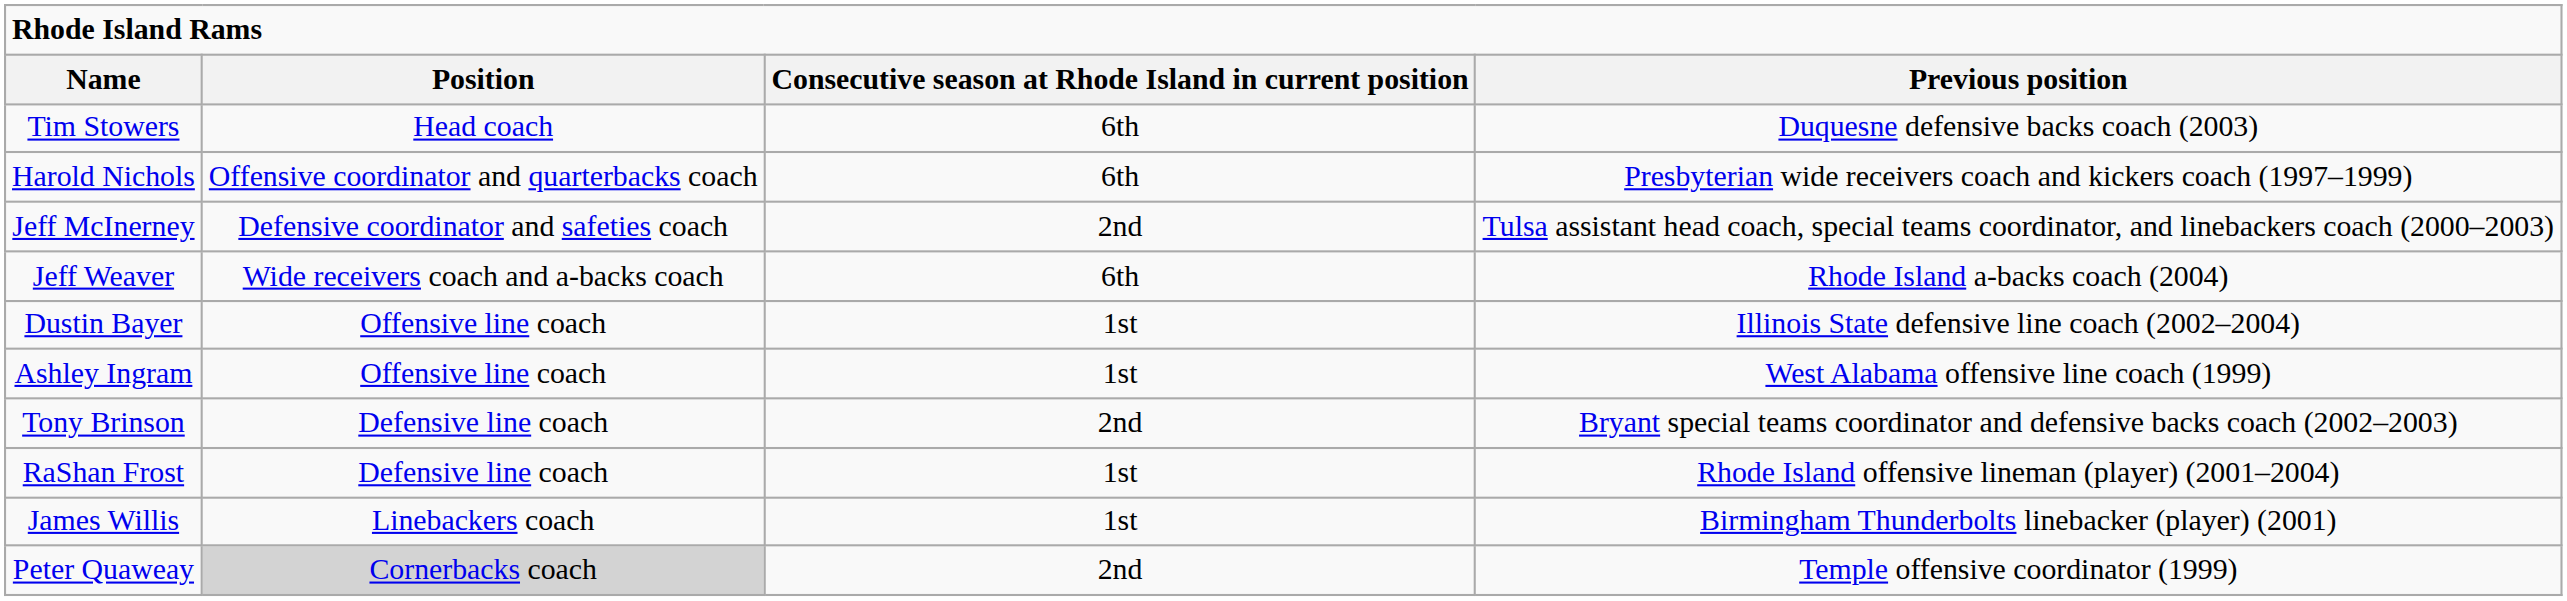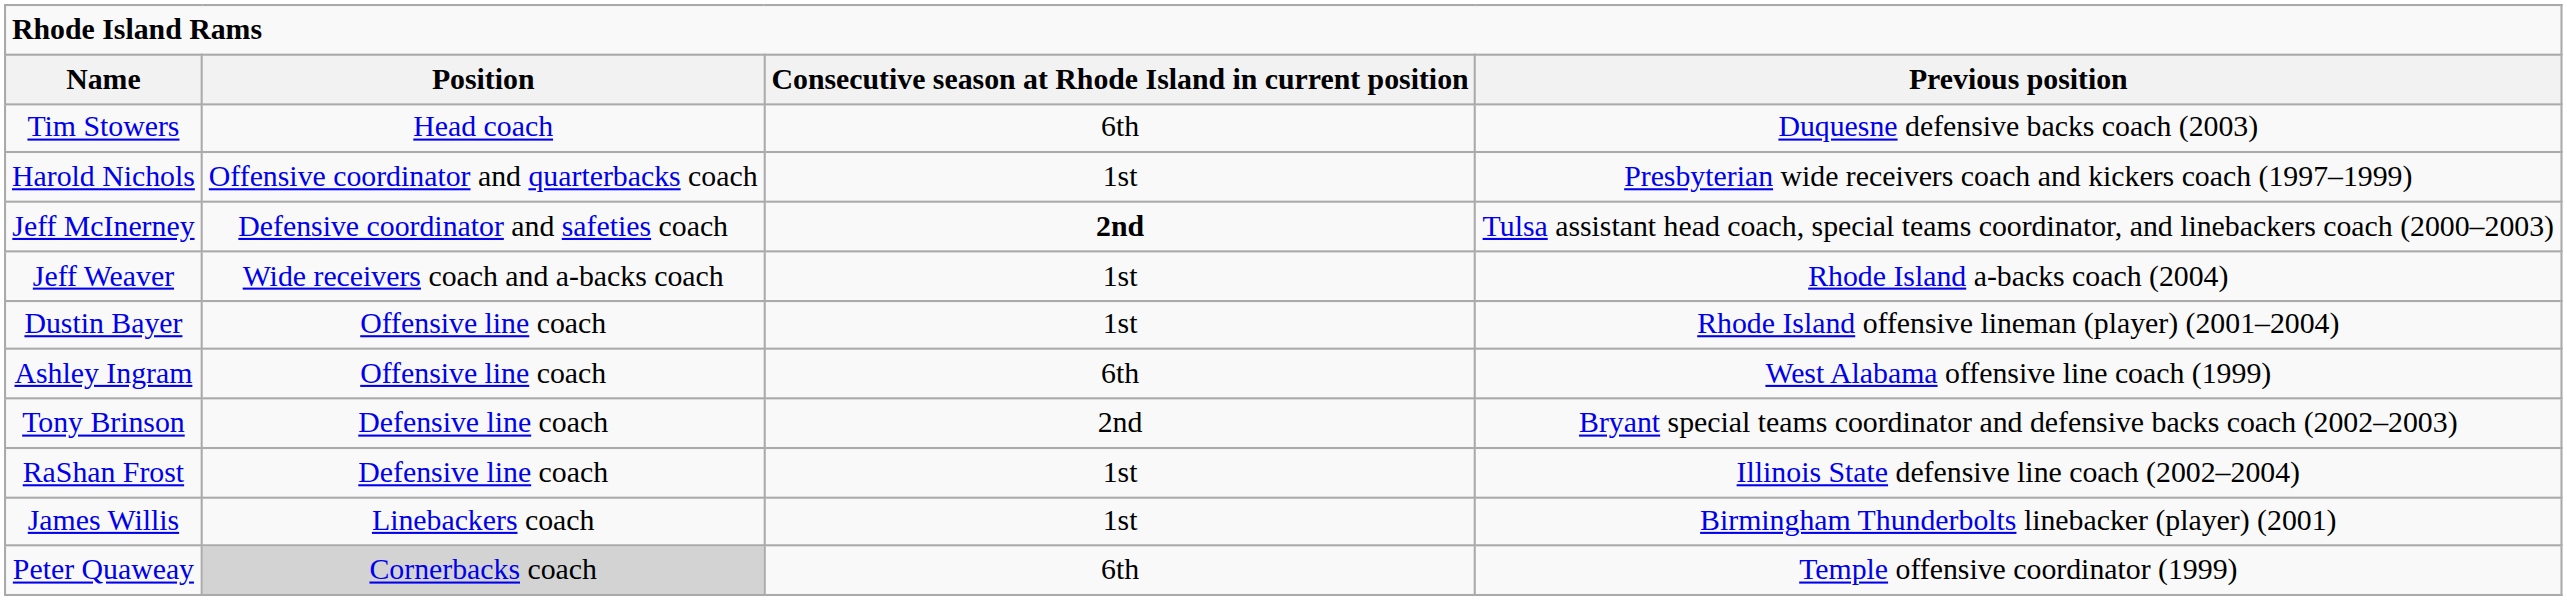 <table class="wikitable" style="font-size:90%;">
 <tr>
 <td colspan=5><strong>Rhode Island Rams</strong></td>
 </tr>
 <tr align="center";>
 <th>Name</th>
 <th>Position</th>
 <th>Consecutive season at Rhode Island in current position</th>
 <th>Previous position</th>
 </tr>
 <tr align="center";>
 <td><a href='#'>Tim Stowers</a></td>
 <td><a href='#'>Head coach</a></td>
 <td>6th</td>
 <td><a href='#'>Duquesne</a> defensive backs coach (2003)</td>
 </tr>
 <tr align="center" ;>
 <td><a href='#'>Harold Nichols</a></td>
 <td><a href='#'>Offensive coordinator</a> and <a href='#'>quarterbacks</a> coach</td>
-<td>6th</td>
+<td>1st</td>
 <td><a href='#'>Presbyterian</a> wide receivers coach and  kickers coach (1997–1999)</td>
 </tr>
 <tr align="center" ;>
 <td><a href='#'>Jeff McInerney</a></td>
 <td><a href='#'>Defensive coordinator</a> and <a href='#'>safeties</a> coach</td>
-<td>2nd</td>
+<td><strong>2nd</strong></td>
 <td><a href='#'>Tulsa</a> assistant head coach, special teams coordinator, and linebackers coach (2000–2003)</td>
 </tr>
 <tr align="center" ;>
 <td><a href='#'>Jeff Weaver</a></td>
 <td><a href='#'>Wide receivers</a> coach and a-backs coach</td>
-<td>6th</td>
+<td>1st</td>
 <td><a href='#'>Rhode Island</a> a-backs coach (2004)</td>
 </tr>
 <tr align="center" ;>
 <td><a href='#'>Dustin Bayer</a></td>
 <td><a href='#'>Offensive line</a> coach</td>
 <td>1st</td>
-<td><a href='#'>Illinois State</a> defensive line coach (2002–2004)</td>
+<td><a href='#'>Rhode Island</a> offensive lineman (player) (2001–2004)</td>
 </tr>
 <tr align="center" ;>
 <td><a href='#'>Ashley Ingram</a></td>
 <td><a href='#'>Offensive line</a> coach</td>
-<td>1st</td>
+<td>6th</td>
 <td><a href='#'>West Alabama</a> offensive line coach (1999)</td>
 </tr>
 <tr align="center" ;>
 <td><a href='#'>Tony Brinson</a></td>
 <td><a href='#'>Defensive line</a> coach</td>
 <td>2nd</td>
 <td><a href='#'>Bryant</a> special teams coordinator and defensive backs coach (2002–2003)</td>
 </tr>
 <tr align="center" ;>
 <td><a href='#'>RaShan Frost</a></td>
 <td><a href='#'>Defensive line</a> coach</td>
 <td>1st</td>
-<td><a href='#'>Rhode Island</a> offensive lineman (player) (2001–2004)</td>
+<td><a href='#'>Illinois State</a> defensive line coach (2002–2004)</td>
 </tr>
 <tr align="center" ;>
 <td><a href='#'>James Willis</a></td>
 <td><a href='#'>Linebackers</a> coach</td>
 <td>1st</td>
 <td><a href='#'>Birmingham Thunderbolts</a> linebacker (player) (2001)</td>
 </tr>
 <tr align="center" ;>
 <td><a href='#'>Peter Quaweay</a></td>
 <td style="background: lightgrey;"><a href='#'>Cornerbacks</a> coach</td>
-<td>2nd</td>
+<td>6th</td>
 <td><a href='#'>Temple</a> offensive coordinator (1999)</td>
 </tr>
 </table>
